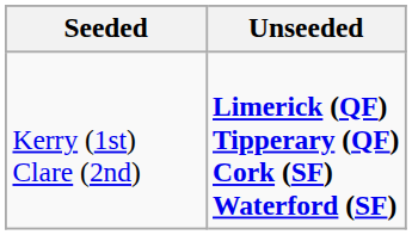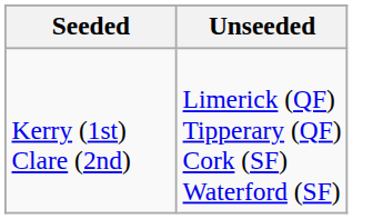 <table class="wikitable" style="font-size:80%">
 <tr>
 <th width="50%">Seeded</th>
 <th width="50%">Unseeded</th>
 </tr>
 <tr>
 <td><br> <a href='#'>Kerry</a> (<a href='#'>1st</a>)<br> <a href='#'>Clare</a> (<a href='#'>2nd</a>)</td>
-<td><strong><br> <a href='#'>Limerick</a> (<a href='#'>QF</a>)<br> <a href='#'>Tipperary</a> (<a href='#'>QF</a>)<br> <a href='#'>Cork</a> (<a href='#'>SF</a>)<br> <a href='#'>Waterford</a> (<a href='#'>SF</a>)</strong></td>
+<td><br> <a href='#'>Limerick</a> (<a href='#'>QF</a>)<br> <a href='#'>Tipperary</a> (<a href='#'>QF</a>)<br> <a href='#'>Cork</a> (<a href='#'>SF</a>)<br> <a href='#'>Waterford</a> (<a href='#'>SF</a>)</td>
 </tr>
 </table>
